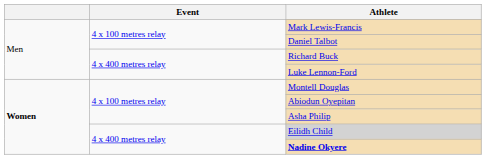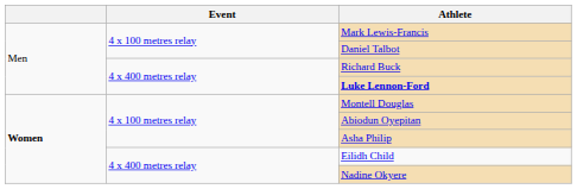 <table class=wikitable style="font-size:90%" width=60%>
 <tr>
 <th></th>
 <th>Event</th>
 <th>Athlete</th>
 </tr>
 <tr>
 <td rowspan=4>Men</td>
 <td rowspan=2><a href='#'>4 x 100 metres relay</a></td>
 <td bgcolor="wheat"><a href='#'>Mark Lewis-Francis</a></td>
 </tr>
 <tr>
 <td bgcolor="wheat"><a href='#'>Daniel Talbot</a></td>
 </tr>
 <tr>
 <td rowspan=2><a href='#'>4 x 400 metres relay</a></td>
 <td bgcolor="wheat"><a href='#'>Richard Buck</a></td>
 </tr>
 <tr>
-<td bgcolor="wheat"><a href='#'>Luke Lennon-Ford</a></td>
+<td bgcolor="wheat"><strong><a href='#'>Luke Lennon-Ford</a></strong></td>
 </tr>
 <tr>
 <td rowspan=5><strong>Women</strong></td>
 <td rowspan=3><a href='#'>4 x 100 metres relay</a></td>
 <td bgcolor="wheat"><a href='#'>Montell Douglas</a></td>
 </tr>
 <tr>
 <td bgcolor="wheat"><a href='#'>Abiodun Oyepitan</a></td>
 </tr>
 <tr>
 <td bgcolor="wheat"><a href='#'>Asha Philip</a></td>
 </tr>
 <tr>
 <td rowspan=2><a href='#'>4 x 400 metres relay</a></td>
-<td style="background: lightgrey;"><a href='#'>Eilidh Child</a></td>
+<td><a href='#'>Eilidh Child</a></td>
 </tr>
 <tr>
-<td bgcolor="wheat"><strong><a href='#'>Nadine Okyere</a></strong></td>
+<td bgcolor="wheat"><a href='#'>Nadine Okyere</a></td>
 </tr>
 </table>
